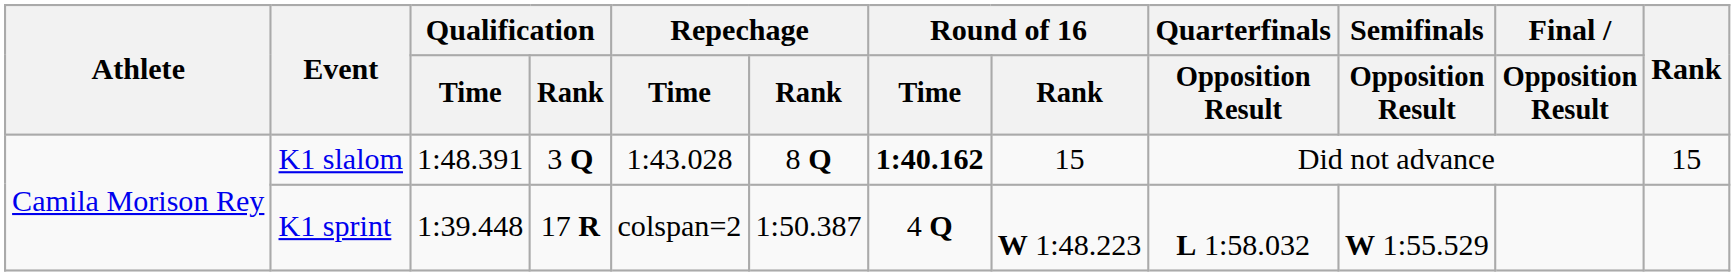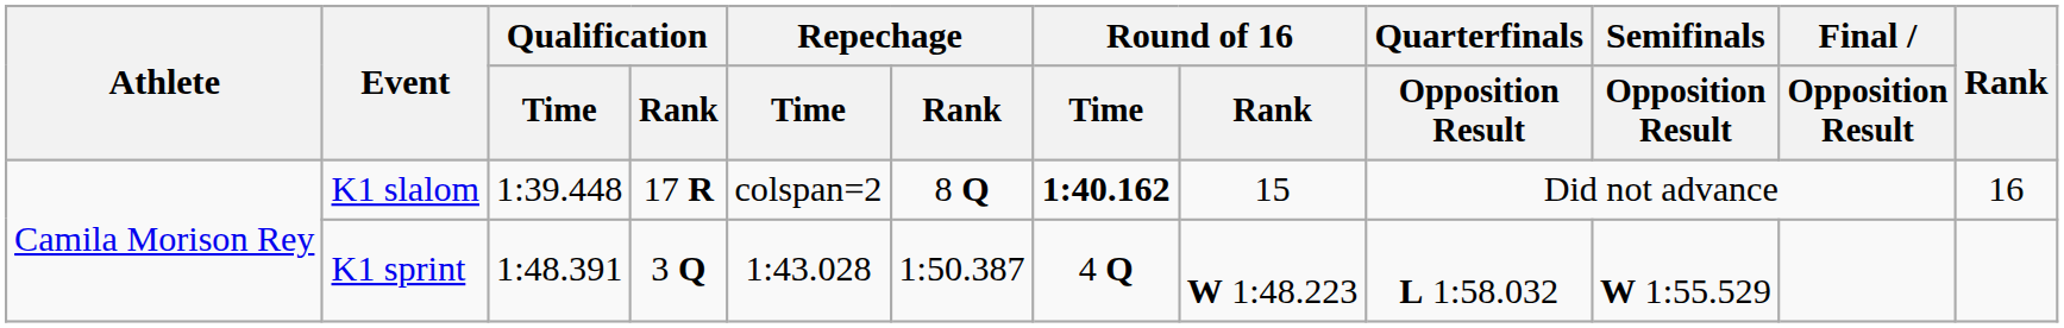 <table class="wikitable" style="font-size:90%;">
 <tr>
 <th rowspan=2>Athlete</th>
 <th rowspan=2>Event</th>
 <th colspan=2>Qualification</th>
 <th colspan=2>Repechage</th>
 <th colspan=2>Round of 16</th>
 <th>Quarterfinals</th>
 <th>Semifinals</th>
 <th>Final / </th>
 <th rowspan=2>Rank</th>
 </tr>
 <tr style="font-size:95%">
 <th>Time</th>
 <th>Rank</th>
 <th>Time</th>
 <th>Rank</th>
 <th>Time</th>
 <th>Rank</th>
 <th>Opposition <br>Result</th>
 <th>Opposition <br>Result</th>
 <th>Opposition <br>Result</th>
 </tr>
 <tr align=center>
 <td rowspan=2 align=left><a href='#'>Camila Morison Rey</a></td>
 <td align=left><a href='#'>K1 slalom</a></td>
-<td>1:48.391</td>
-<td>3 <strong>Q</strong></td>
-<td>1:43.028</td>
+<td>1:39.448</td>
+<td>17 <strong>R</strong></td>
+<td>colspan=2 </td>
 <td>8 <strong>Q</strong></td>
 <td><strong>1:40.162</strong></td>
 <td>15</td>
 <td colspan=3>Did not advance</td>
-<td>15</td>
+<td>16</td>
 </tr>
 <tr align=center>
 <td align=left><a href='#'>K1 sprint</a></td>
-<td>1:39.448</td>
-<td>17 <strong>R</strong></td>
-<td>colspan=2 </td>
+<td>1:48.391</td>
+<td>3 <strong>Q</strong></td>
+<td>1:43.028</td>
 <td>1:50.387</td>
 <td>4 <strong>Q</strong></td>
 <td><br><strong>W</strong> 1:48.223</td>
 <td><br><strong>L</strong> 1:58.032</td>
 <td><br><strong>W</strong> 1:55.529</td>
 <td></td>
 </tr>
 </table>
